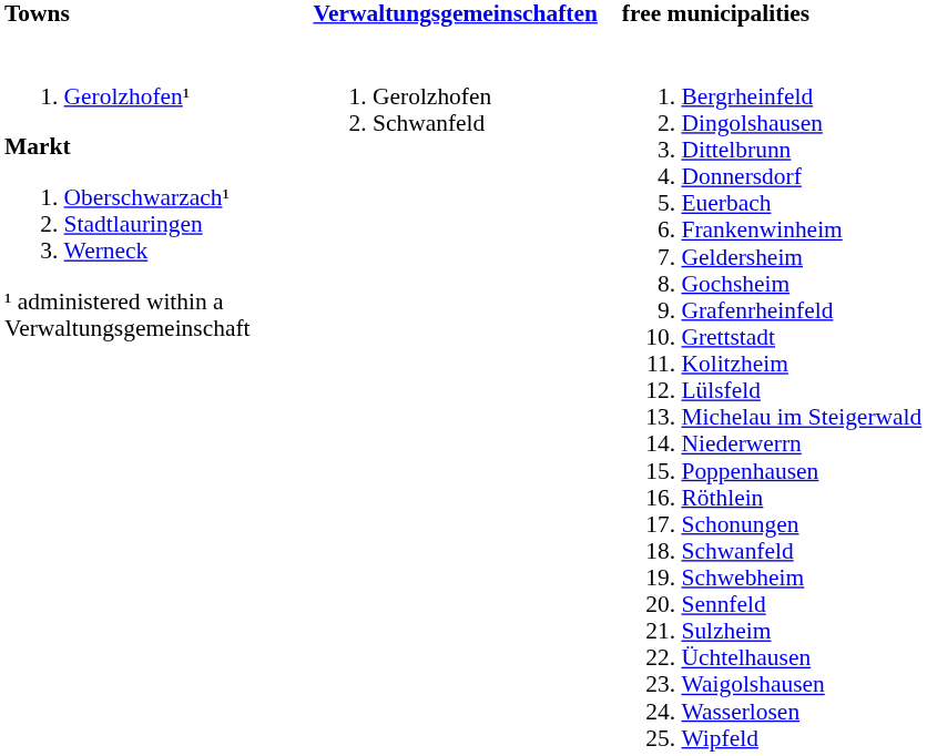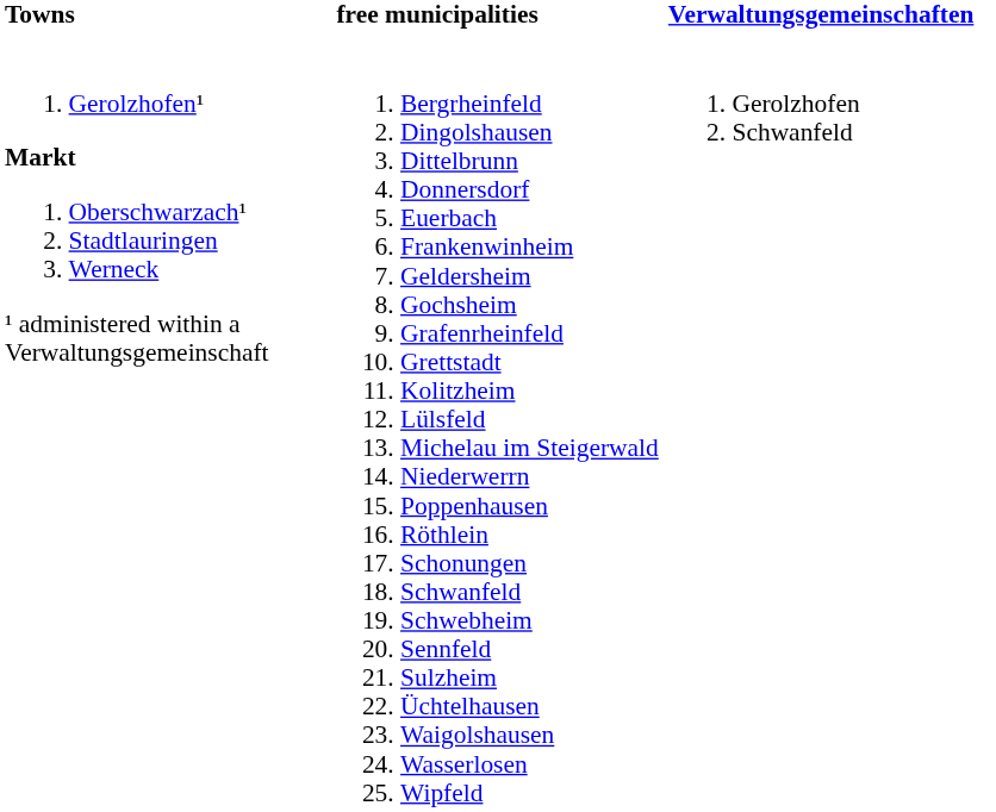 <table>
 <tr>
 <th align=left width=33%>Towns</th>
+<th align=left width=33%>free municipalities</th>
 <th align=left width=33%><a href='#'>Verwaltungsgemeinschaften</a></th>
-<th align=left width=33%>free municipalities</th>
 </tr>
 <tr valign=top>
 <td><br><ol><li><a href='#'>Gerolzhofen</a>¹</li></ol><strong>Markt</strong><ol><li><a href='#'>Oberschwarzach</a>¹</li><li><a href='#'>Stadtlauringen</a></li><li><a href='#'>Werneck</a></li></ol>¹ administered within a<br> Verwaltungsgemeinschaft</td>
+<td><br><ol><li><a href='#'>Bergrheinfeld</a></li><li><a href='#'>Dingolshausen</a></li><li><a href='#'>Dittelbrunn</a></li><li><a href='#'>Donnersdorf</a></li><li><a href='#'>Euerbach</a></li><li><a href='#'>Frankenwinheim</a></li><li><a href='#'>Geldersheim</a></li><li><a href='#'>Gochsheim</a></li><li><a href='#'>Grafenrheinfeld</a></li><li><a href='#'>Grettstadt</a></li><li><a href='#'>Kolitzheim</a></li><li><a href='#'>Lülsfeld</a></li><li><a href='#'>Michelau im Steigerwald</a></li><li><a href='#'>Niederwerrn</a></li><li><a href='#'>Poppenhausen</a></li><li><a href='#'>Röthlein</a></li><li><a href='#'>Schonungen</a></li><li><a href='#'>Schwanfeld</a></li><li><a href='#'>Schwebheim</a></li><li><a href='#'>Sennfeld</a></li><li><a href='#'>Sulzheim</a></li><li><a href='#'>Üchtelhausen</a></li><li><a href='#'>Waigolshausen</a></li><li><a href='#'>Wasserlosen</a></li><li><a href='#'>Wipfeld</a></li></ol></td>
 <td><br><ol><li>Gerolzhofen</li><li>Schwanfeld</li></ol></td>
-<td><br><ol><li><a href='#'>Bergrheinfeld</a></li><li><a href='#'>Dingolshausen</a></li><li><a href='#'>Dittelbrunn</a></li><li><a href='#'>Donnersdorf</a></li><li><a href='#'>Euerbach</a></li><li><a href='#'>Frankenwinheim</a></li><li><a href='#'>Geldersheim</a></li><li><a href='#'>Gochsheim</a></li><li><a href='#'>Grafenrheinfeld</a></li><li><a href='#'>Grettstadt</a></li><li><a href='#'>Kolitzheim</a></li><li><a href='#'>Lülsfeld</a></li><li><a href='#'>Michelau im Steigerwald</a></li><li><a href='#'>Niederwerrn</a></li><li><a href='#'>Poppenhausen</a></li><li><a href='#'>Röthlein</a></li><li><a href='#'>Schonungen</a></li><li><a href='#'>Schwanfeld</a></li><li><a href='#'>Schwebheim</a></li><li><a href='#'>Sennfeld</a></li><li><a href='#'>Sulzheim</a></li><li><a href='#'>Üchtelhausen</a></li><li><a href='#'>Waigolshausen</a></li><li><a href='#'>Wasserlosen</a></li><li><a href='#'>Wipfeld</a></li></ol></td>
 </tr>
 </table>
